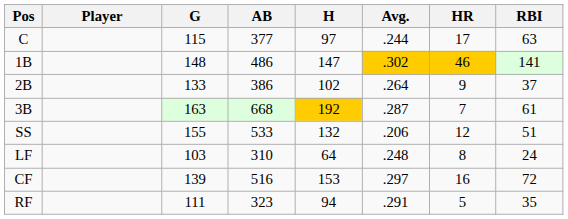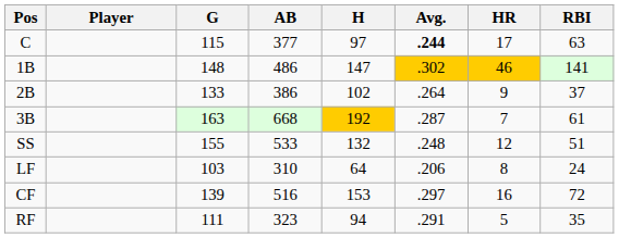 <table class="wikitable sortable">
 <tr>
 <th bgcolor="#DDDDFF" width="5%">Pos</th>
 <th bgcolor="#DDDDFF" width="16%">Player</th>
 <th bgcolor="#DDDDFF" width="9%">G</th>
 <th bgcolor="#DDDDFF" width="9%">AB</th>
 <th bgcolor="#DDDDFF" width="9%">H</th>
 <th bgcolor="#DDDDFF" width="9%">Avg.</th>
 <th bgcolor="#DDDDFF" width="9%">HR</th>
 <th bgcolor="#DDDDFF" width="9%">RBI</th>
 </tr>
 <tr align="center">
 <td>C</td>
 <td></td>
 <td>115</td>
 <td>377</td>
 <td>97</td>
-<td>.244</td>
+<td><strong>.244</strong></td>
 <td>17</td>
 <td>63</td>
 </tr>
 <tr align="center">
 <td>1B</td>
 <td></td>
 <td>148</td>
 <td>486</td>
 <td>147</td>
 <td style="background:#fc0;">.302</td>
 <td style="background:#fc0;">46</td>
 <td style="background:#DDFFDD;">141</td>
 </tr>
 <tr align="center">
 <td>2B</td>
 <td></td>
 <td>133</td>
 <td>386</td>
 <td>102</td>
 <td>.264</td>
 <td>9</td>
 <td>37</td>
 </tr>
 <tr align="center">
 <td>3B</td>
 <td></td>
 <td style="background:#DDFFDD;">163</td>
 <td style="background:#DDFFDD;">668</td>
 <td style="background:#fc0;">192</td>
 <td>.287</td>
 <td>7</td>
 <td>61</td>
 </tr>
 <tr align="center">
 <td>SS</td>
 <td></td>
 <td>155</td>
 <td>533</td>
 <td>132</td>
-<td>.206</td>
+<td>.248</td>
 <td>12</td>
 <td>51</td>
 </tr>
 <tr align="center">
 <td>LF</td>
 <td></td>
 <td>103</td>
 <td>310</td>
 <td>64</td>
-<td>.248</td>
+<td>.206</td>
 <td>8</td>
 <td>24</td>
 </tr>
 <tr align="center">
 <td>CF</td>
 <td></td>
 <td>139</td>
 <td>516</td>
 <td>153</td>
 <td>.297</td>
 <td>16</td>
 <td>72</td>
 </tr>
 <tr align="center">
 <td>RF</td>
 <td></td>
 <td>111</td>
 <td>323</td>
 <td>94</td>
 <td>.291</td>
 <td>5</td>
 <td>35</td>
 </tr>
 </table>
